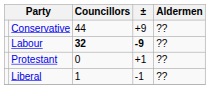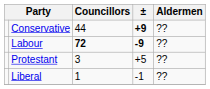 <table class="wikitable">
 <tr>
 <th colspan="2">Party</th>
 <th>Councillors</th>
 <th>  ±  </th>
 <th>Aldermen</th>
 </tr>
 <tr>
 <td style="background-color: "></td>
 <td><a href='#'>Conservative</a></td>
 <td>44</td>
-<td>+9</td>
+<td><strong>+9</strong></td>
 <td>??</td>
 </tr>
 <tr>
 <td style="background-color: "></td>
 <td><a href='#'>Labour</a></td>
-<td><strong>32</strong></td>
+<td><strong>72</strong></td>
 <td><strong>-9</strong></td>
 <td>??</td>
 </tr>
 <tr>
 <td style="background-color: "></td>
 <td><a href='#'>Protestant</a></td>
-<td>0</td>
-<td>+1</td>
+<td>3</td>
+<td>+5</td>
 <td>??</td>
 </tr>
 <tr>
 <td style="background-color: "></td>
 <td><a href='#'>Liberal</a></td>
 <td>1</td>
 <td>-1</td>
 <td>??</td>
 </tr>
 <tr>
 </tr>
 </table>
